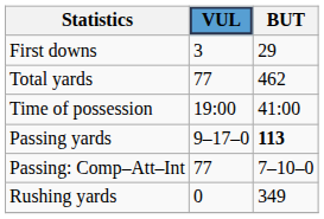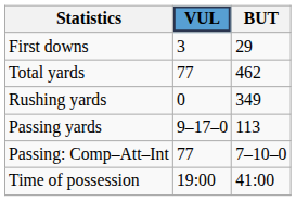 <table class="wikitable" style="float: left;">
 <tr>
 <th>Statistics</th>
 <th style="background-color:#579FD3;color:#000000;box-shadow: inset 2px 2px 0 #2A344E, inset -2px -2px 0 #2A344E">VUL</th>
 <th>BUT</th>
 </tr>
 <tr>
 <td>First downs</td>
 <td>3</td>
 <td>29</td>
 </tr>
 <tr>
 <td>Total yards</td>
 <td>77</td>
 <td>462</td>
 </tr>
 <tr>
-<td>Time of possession</td>
-<td>19:00</td>
-<td>41:00</td>
+<td>Rushing yards</td>
+<td>0</td>
+<td>349</td>
 </tr>
 <tr>
 <td>Passing yards</td>
 <td>9–17–0</td>
-<td><strong>113</strong></td>
+<td>113</td>
 </tr>
 <tr>
 <td>Passing: Comp–Att–Int</td>
 <td>77</td>
 <td>7–10–0</td>
 </tr>
 <tr>
-<td>Rushing yards</td>
-<td>0</td>
-<td>349</td>
+<td>Time of possession</td>
+<td>19:00</td>
+<td>41:00</td>
 </tr>
 <tr>
 </tr>
 </table>
